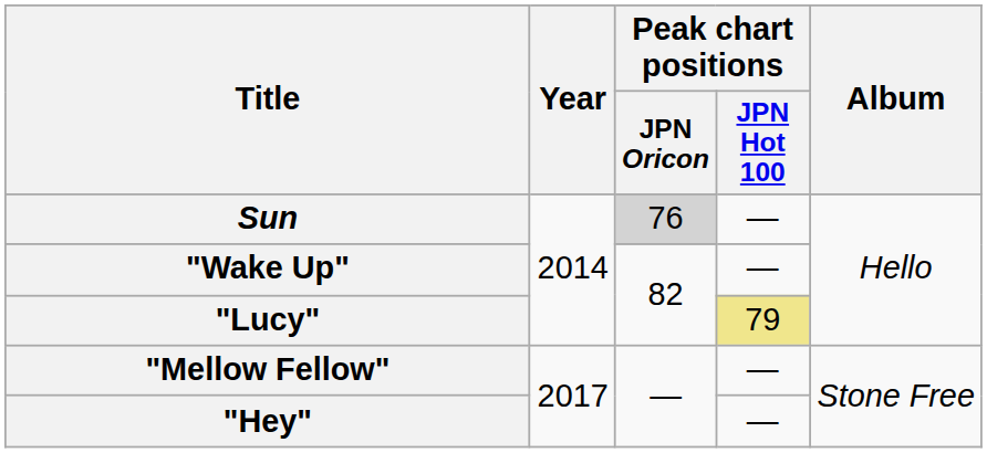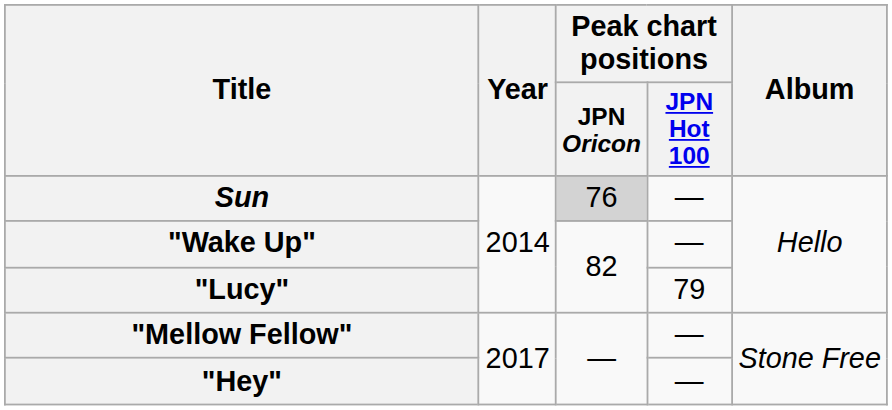 <table class="wikitable plainrowheaders" style="text-align:center;">
 <tr>
 <th scope="col" rowspan="2" style="width:16em;">Title</th>
 <th scope="col" rowspan="2">Year</th>
 <th scope="col" colspan="2">Peak chart positions</th>
 <th scope="col" rowspan="2">Album</th>
 </tr>
 <tr>
 <th style="width:3em;font-size:85%">JPN <em>Oricon</em><br></th>
 <th style="width:3em;font-size:85%"><a href='#'>JPN Hot 100</a><br></th>
 </tr>
 <tr>
 <th scope="row"><em>Sun</em></th>
 <td rowspan=3>2014</td>
 <td style="background: lightgrey;">76</td>
 <td>—</td>
 <td rowspan=3><em>Hello</em></td>
 </tr>
 <tr>
 <th scope="row">"Wake Up"</th>
 <td rowspan="2">82</td>
 <td>—</td>
 </tr>
 <tr>
 <th scope="row">"Lucy"</th>
-<td style="background: khaki;">79</td>
+<td>79</td>
 </tr>
 <tr>
 <th scope="row">"Mellow Fellow"</th>
 <td rowspan=2>2017</td>
 <td rowspan=2>—</td>
 <td>—</td>
 <td rowspan=2><em>Stone Free</em></td>
 </tr>
 <tr>
 <th scope="row">"Hey"</th>
 <td>—</td>
 </tr>
 </table>
